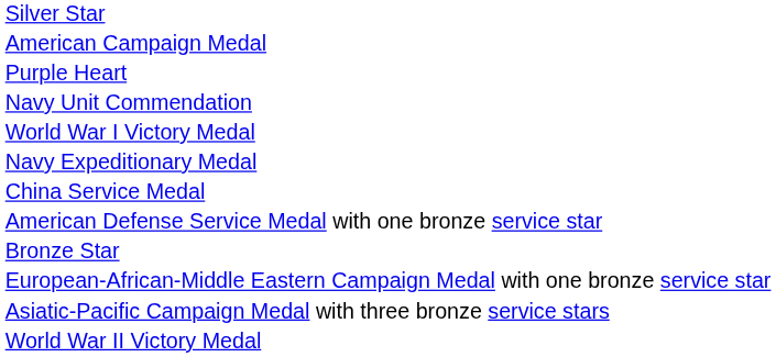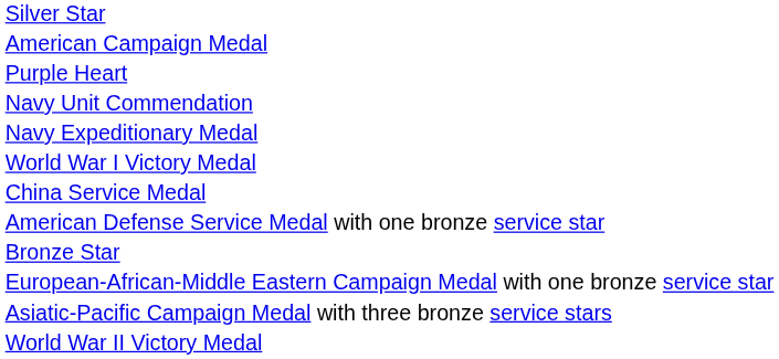 <table>
 <tr>
 <td> <a href='#'>Silver Star</a></td>
 </tr>
 <tr>
 <td> <a href='#'>American Campaign Medal</a></td>
 </tr>
 <tr m>
 <td> <a href='#'>Purple Heart</a></td>
 </tr>
 <tr>
 <td> <a href='#'>Navy Unit Commendation</a></td>
 </tr>
 <tr>
-<td> <a href='#'>World War I Victory Medal</a></td>
+<td> <a href='#'>Navy Expeditionary Medal</a></td>
 </tr>
 <tr>
-<td> <a href='#'>Navy Expeditionary Medal</a></td>
+<td> <a href='#'>World War I Victory Medal</a></td>
 </tr>
 <tr>
 <td> <a href='#'>China Service Medal</a></td>
 </tr>
 <tr>
 <td> <a href='#'>American Defense Service Medal</a> with one bronze <a href='#'>service star</a></td>
 </tr>
 <tr>
 <td> <a href='#'>Bronze Star</a></td>
 </tr>
 <tr>
 <td> <a href='#'>European-African-Middle Eastern Campaign Medal</a> with one bronze <a href='#'>service star</a></td>
 </tr>
 <tr>
 <td> <a href='#'>Asiatic-Pacific Campaign Medal</a> with three bronze <a href='#'>service stars</a></td>
 </tr>
 <tr>
 <td> <a href='#'>World War II Victory Medal</a></td>
 </tr>
 </table>
